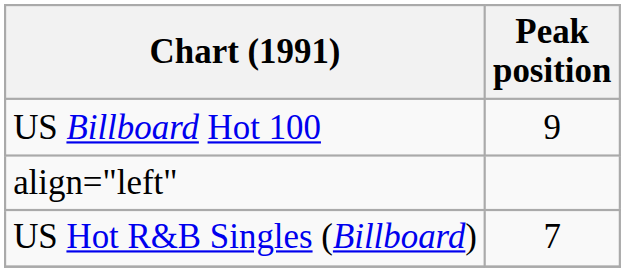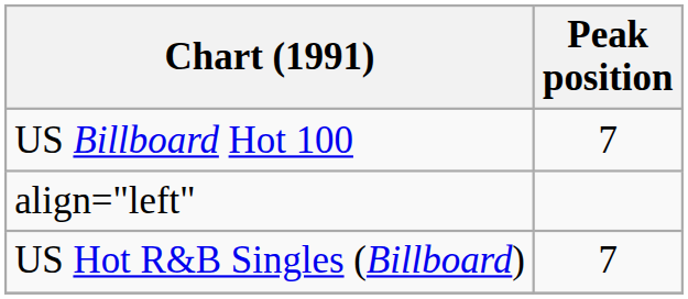 <table class="wikitable sortable plainrowheaders">
 <tr>
 <th>Chart (1991)</th>
 <th>Peak<br>position</th>
 </tr>
 <tr>
 <td align="left">US <em><a href='#'>Billboard</a></em> <a href='#'>Hot 100</a></td>
-<td align="center">9</td>
+<td align="center">7</td>
 </tr>
 <tr>
 <td>align="left"</td>
 </tr>
 <tr>
 <td align="left">US <a href='#'>Hot R&B Singles</a> (<em><a href='#'>Billboard</a></em>)</td>
 <td align="center">7</td>
 </tr>
 <tr>
 </tr>
 </table>
